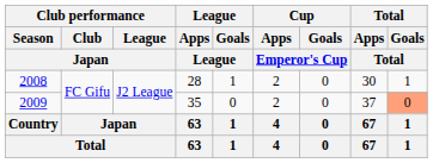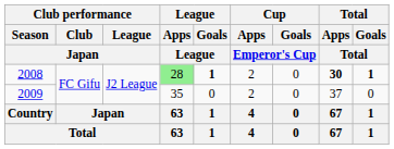 <table class="wikitable" style="text-align:center;">
 <tr>
 <th colspan=3>Club performance</th>
 <th colspan=2>League</th>
 <th colspan=2>Cup</th>
 <th colspan=2>Total</th>
 </tr>
 <tr>
 <th>Season</th>
 <th>Club</th>
 <th>League</th>
 <th>Apps</th>
 <th>Goals</th>
 <th>Apps</th>
 <th>Goals</th>
 <th>Apps</th>
 <th>Goals</th>
 </tr>
 <tr>
 <th colspan=3>Japan</th>
 <th colspan=2>League</th>
 <th colspan=2><a href='#'>Emperor's Cup</a></th>
 <th colspan=2>Total</th>
 </tr>
 <tr>
 <td><a href='#'>2008</a></td>
 <td rowspan="2"><a href='#'>FC Gifu</a></td>
 <td rowspan="2"><a href='#'>J2 League</a></td>
-<td>28</td>
-<td>1</td>
+<td style="background: lightgreen;">28</td>
+<td><strong>1</strong></td>
 <td>2</td>
 <td>0</td>
-<td>30</td>
-<td>1</td>
+<td><strong>30</strong></td>
+<td><strong>1</strong></td>
 </tr>
 <tr>
 <td><a href='#'>2009</a></td>
 <td>35</td>
 <td>0</td>
 <td>2</td>
 <td>0</td>
 <td>37</td>
-<td style="background: lightsalmon;">0</td>
+<td>0</td>
 </tr>
 <tr>
 <th rowspan=1>Country</th>
 <th colspan=2>Japan</th>
 <th>63</th>
 <th>1</th>
 <th>4</th>
 <th>0</th>
 <th>67</th>
 <th>1</th>
 </tr>
 <tr>
 <th colspan=3>Total</th>
 <th>63</th>
 <th>1</th>
 <th>4</th>
 <th>0</th>
 <th>67</th>
 <th>1</th>
 </tr>
 </table>
